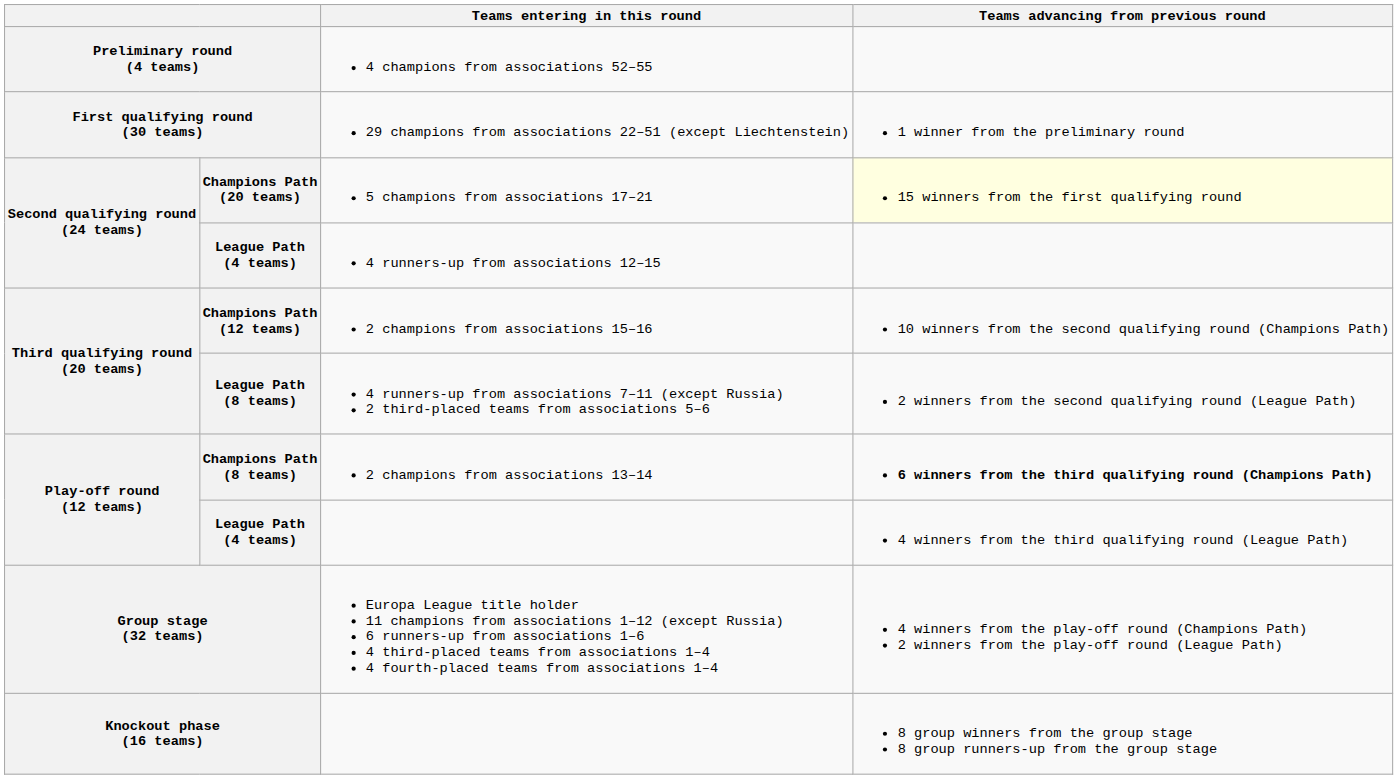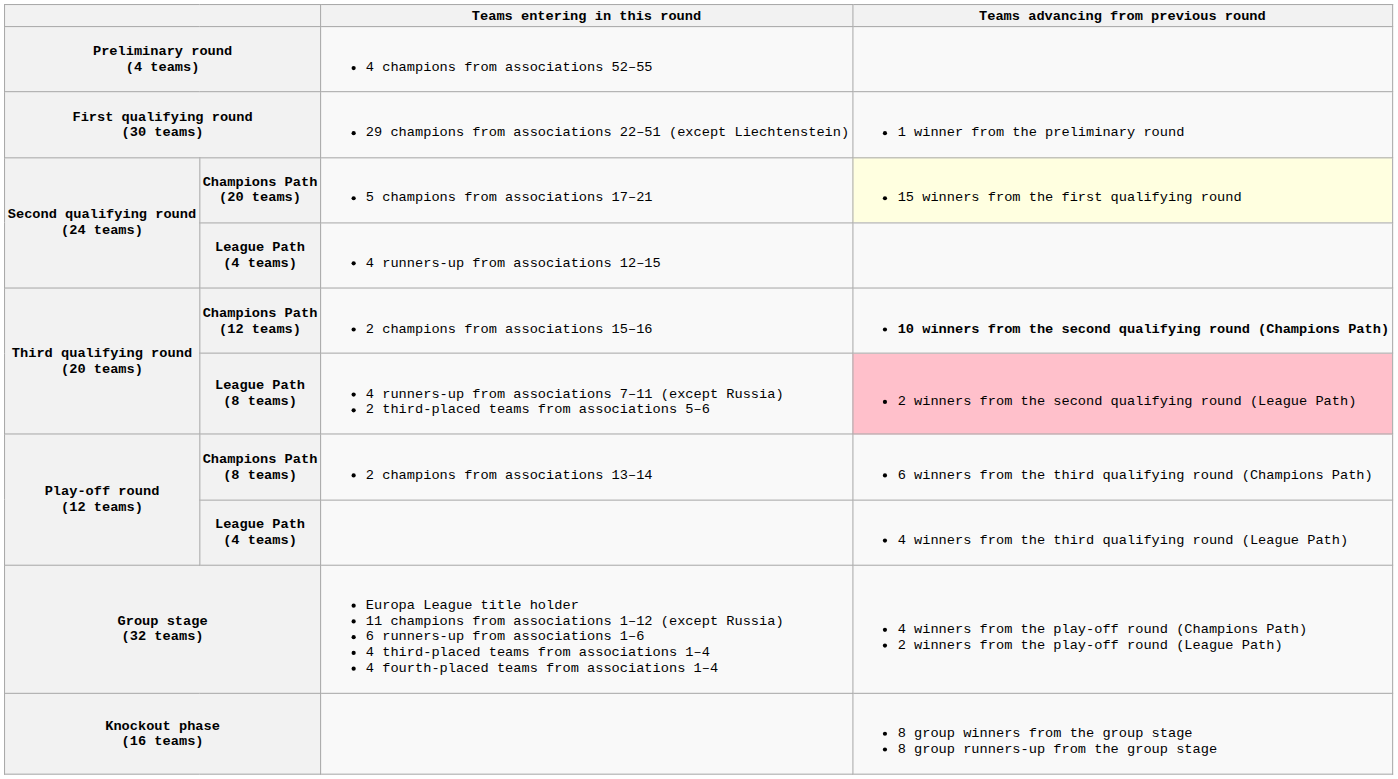 <table class="wikitable">
 <tr>
 <th colspan=2></th>
 <th>Teams entering in this round</th>
 <th>Teams advancing from previous round</th>
 </tr>
 <tr>
 <th colspan=2>Preliminary round<br>(4 teams)</th>
 <td><br><ul><li>4 champions from associations 52–55</li></ul></td>
 <td></td>
 </tr>
 <tr>
 <th colspan=2>First qualifying round<br>(30 teams)</th>
 <td><br><ul><li>29 champions from associations 22–51 (except Liechtenstein)</li></ul></td>
 <td><br><ul><li>1 winner from the preliminary round</li></ul></td>
 </tr>
 <tr>
 <th rowspan=2>Second qualifying round<br>(24 teams)</th>
 <th>Champions Path<br>(20 teams)</th>
 <td><br><ul><li>5 champions from associations 17–21</li></ul></td>
 <td style="background: lightyellow;"><br><ul><li>15 winners from the first qualifying round</li></ul></td>
 </tr>
 <tr>
 <th>League Path<br>(4 teams)</th>
 <td><br><ul><li>4 runners-up from associations 12–15</li></ul></td>
 <td></td>
 </tr>
 <tr>
 <th rowspan=2>Third qualifying round<br>(20 teams)</th>
 <th>Champions Path<br>(12 teams)</th>
 <td><br><ul><li>2 champions from associations 15–16</li></ul></td>
-<td><br><ul><li>10 winners from the second qualifying round (Champions Path)</li></ul></td>
+<td><strong><br><ul><li>10 winners from the second qualifying round (Champions Path)</li></ul></strong></td>
 </tr>
 <tr>
 <th>League Path<br>(8 teams)</th>
 <td><br><ul><li>4 runners-up from associations 7–11 (except Russia)</li><li>2 third-placed teams from associations 5–6</li></ul></td>
-<td><br><ul><li>2 winners from the second qualifying round (League Path)</li></ul></td>
+<td style="background: pink;"><br><ul><li>2 winners from the second qualifying round (League Path)</li></ul></td>
 </tr>
 <tr>
 <th rowspan=2>Play-off round<br>(12 teams)</th>
 <th>Champions Path<br>(8 teams)</th>
 <td><br><ul><li>2 champions from associations 13–14</li></ul></td>
-<td><strong><br><ul><li>6 winners from the third qualifying round (Champions Path)</li></ul></strong></td>
+<td><br><ul><li>6 winners from the third qualifying round (Champions Path)</li></ul></td>
 </tr>
 <tr>
 <th>League Path<br>(4 teams)</th>
 <td></td>
 <td><br><ul><li>4 winners from the third qualifying round (League Path)</li></ul></td>
 </tr>
 <tr>
 <th colspan=2>Group stage<br>(32 teams)</th>
 <td><br><ul><li>Europa League title holder</li><li>11 champions from associations 1–12 (except Russia)</li><li>6 runners-up from associations 1–6</li><li>4 third-placed teams from associations 1–4</li><li>4 fourth-placed teams from associations 1–4</li></ul></td>
 <td><br><ul><li>4 winners from the play-off round (Champions Path)</li><li>2 winners from the play-off round (League Path)</li></ul></td>
 </tr>
 <tr>
 <th colspan=2>Knockout phase<br>(16 teams)</th>
 <td></td>
 <td><br><ul><li>8 group winners from the group stage</li><li>8 group runners-up from the group stage</li></ul></td>
 </tr>
 </table>
